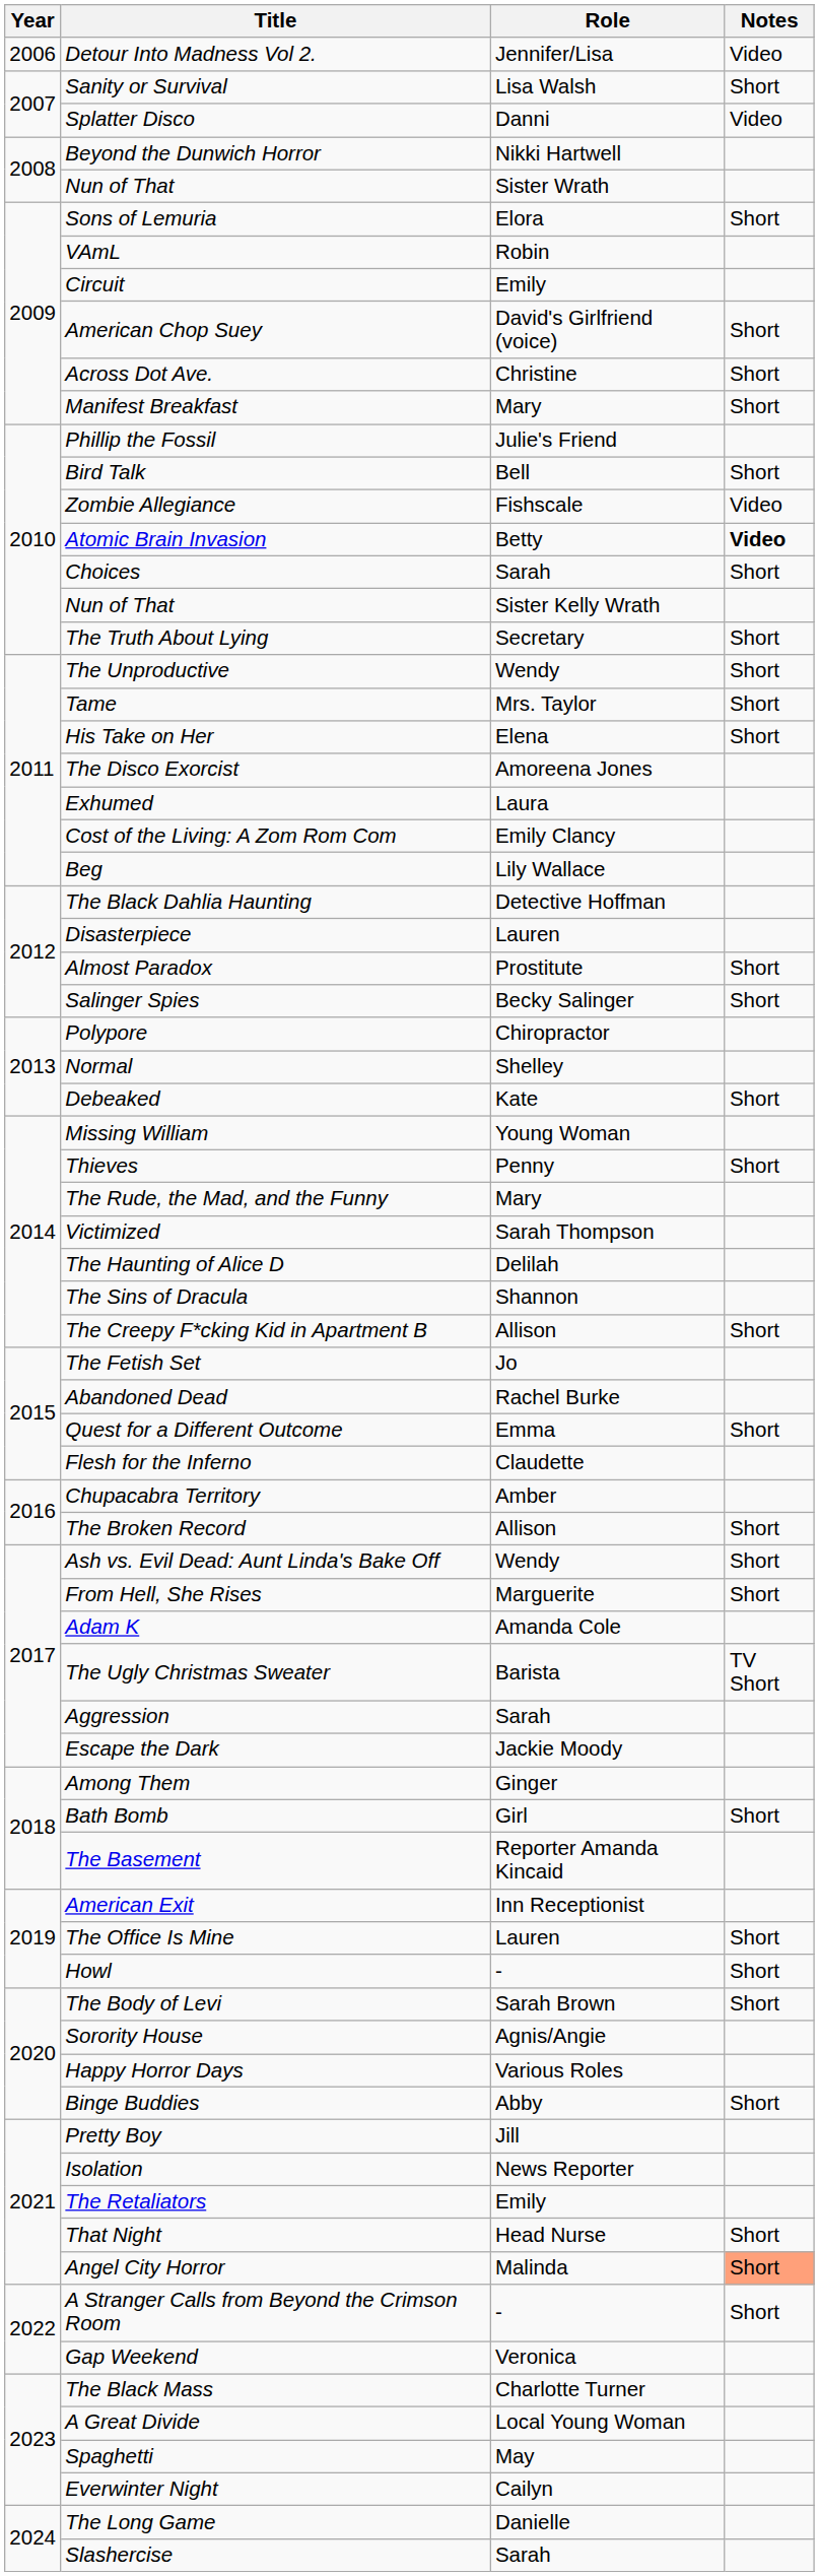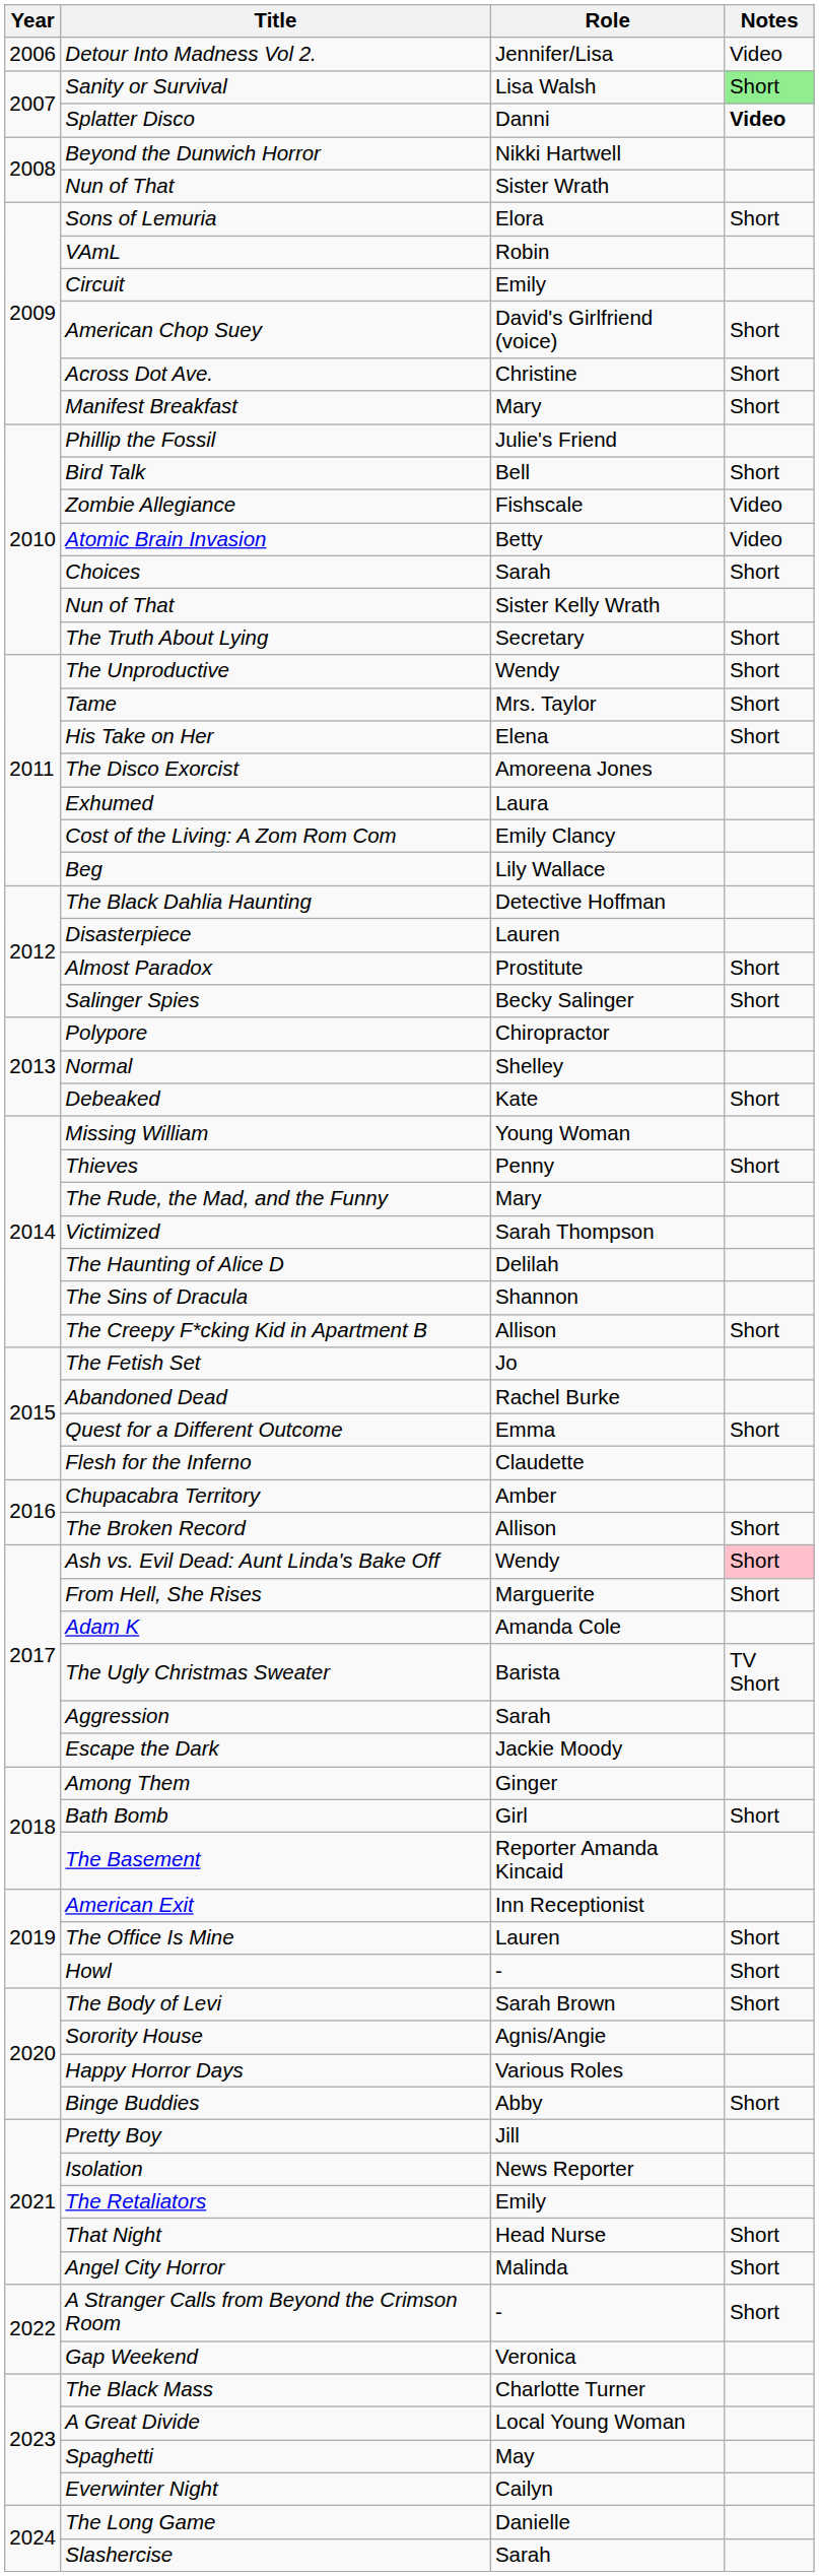 <table class="wikitable plainrowheaders sortable" style="margin-right: 0;">
 <tr>
 <th>Year</th>
 <th>Title</th>
 <th>Role</th>
 <th>Notes</th>
 </tr>
 <tr>
 <td>2006</td>
 <td><em>Detour Into Madness Vol 2.</em></td>
 <td>Jennifer/Lisa</td>
 <td>Video</td>
 </tr>
 <tr>
 <td rowspan="2">2007</td>
 <td><em>Sanity or Survival</em></td>
 <td>Lisa Walsh</td>
-<td>Short</td>
+<td style="background: lightgreen;">Short</td>
 </tr>
 <tr>
 <td><em>Splatter Disco</em></td>
 <td>Danni</td>
-<td>Video</td>
+<td><strong>Video</strong></td>
 </tr>
 <tr>
 <td rowspan="2">2008</td>
 <td><em>Beyond the Dunwich Horror</em></td>
 <td>Nikki Hartwell</td>
 <td></td>
 </tr>
 <tr>
 <td><em>Nun of That</em></td>
 <td>Sister Wrath</td>
 <td></td>
 </tr>
 <tr>
 <td rowspan="6">2009</td>
 <td><em>Sons of Lemuria</em></td>
 <td>Elora</td>
 <td>Short</td>
 </tr>
 <tr>
 <td><em>VAmL</em></td>
 <td>Robin</td>
 <td></td>
 </tr>
 <tr>
 <td><em>Circuit</em></td>
 <td>Emily</td>
 <td></td>
 </tr>
 <tr>
 <td><em>American Chop Suey</em></td>
 <td>David's Girlfriend (voice)</td>
 <td>Short</td>
 </tr>
 <tr>
 <td><em>Across Dot Ave.</em></td>
 <td>Christine</td>
 <td>Short</td>
 </tr>
 <tr>
 <td><em>Manifest Breakfast</em></td>
 <td>Mary</td>
 <td>Short</td>
 </tr>
 <tr>
 <td rowspan="7">2010</td>
 <td><em>Phillip the Fossil</em></td>
 <td>Julie's Friend</td>
 <td></td>
 </tr>
 <tr>
 <td><em>Bird Talk</em></td>
 <td>Bell</td>
 <td>Short</td>
 </tr>
 <tr>
 <td><em>Zombie Allegiance</em></td>
 <td>Fishscale</td>
 <td>Video</td>
 </tr>
 <tr>
 <td><em><a href='#'>Atomic Brain Invasion</a></em></td>
 <td>Betty</td>
-<td><strong>Video</strong></td>
+<td>Video</td>
 </tr>
 <tr>
 <td><em>Choices</em></td>
 <td>Sarah</td>
 <td>Short</td>
 </tr>
 <tr>
 <td><em>Nun of That</em></td>
 <td>Sister Kelly Wrath</td>
 <td></td>
 </tr>
 <tr>
 <td><em>The Truth About Lying</em></td>
 <td>Secretary</td>
 <td>Short</td>
 </tr>
 <tr>
 <td rowspan="7">2011</td>
 <td><em>The Unproductive</em></td>
 <td>Wendy</td>
 <td>Short</td>
 </tr>
 <tr>
 <td><em>Tame</em></td>
 <td>Mrs. Taylor</td>
 <td>Short</td>
 </tr>
 <tr>
 <td><em>His Take on Her</em></td>
 <td>Elena</td>
 <td>Short</td>
 </tr>
 <tr>
 <td><em>The Disco Exorcist</em></td>
 <td>Amoreena Jones</td>
 <td></td>
 </tr>
 <tr>
 <td><em>Exhumed</em></td>
 <td>Laura</td>
 <td></td>
 </tr>
 <tr>
 <td><em>Cost of the Living: A Zom Rom Com</em></td>
 <td>Emily Clancy</td>
 <td></td>
 </tr>
 <tr>
 <td><em>Beg</em></td>
 <td>Lily Wallace</td>
 <td></td>
 </tr>
 <tr>
 <td rowspan="4">2012</td>
 <td><em>The Black Dahlia Haunting</em></td>
 <td>Detective Hoffman</td>
 <td></td>
 </tr>
 <tr>
 <td><em>Disasterpiece</em></td>
 <td>Lauren</td>
 <td></td>
 </tr>
 <tr>
 <td><em>Almost Paradox</em></td>
 <td>Prostitute</td>
 <td>Short</td>
 </tr>
 <tr>
 <td><em>Salinger Spies</em></td>
 <td>Becky Salinger</td>
 <td>Short</td>
 </tr>
 <tr>
 <td rowspan="3">2013</td>
 <td><em>Polypore</em></td>
 <td>Chiropractor</td>
 <td></td>
 </tr>
 <tr>
 <td><em>Normal</em></td>
 <td>Shelley</td>
 <td></td>
 </tr>
 <tr>
 <td><em>Debeaked</em></td>
 <td>Kate</td>
 <td>Short</td>
 </tr>
 <tr>
 <td rowspan="7">2014</td>
 <td><em>Missing William</em></td>
 <td>Young Woman</td>
 <td></td>
 </tr>
 <tr>
 <td><em>Thieves</em></td>
 <td>Penny</td>
 <td>Short</td>
 </tr>
 <tr>
 <td><em>The Rude, the Mad, and the Funny</em></td>
 <td>Mary</td>
 <td></td>
 </tr>
 <tr>
 <td><em>Victimized</em></td>
 <td>Sarah Thompson</td>
 <td></td>
 </tr>
 <tr>
 <td><em>The Haunting of Alice D</em></td>
 <td>Delilah</td>
 <td></td>
 </tr>
 <tr>
 <td><em>The Sins of Dracula</em></td>
 <td>Shannon</td>
 <td></td>
 </tr>
 <tr>
 <td><em>The Creepy F*cking Kid in Apartment B</em></td>
 <td>Allison</td>
 <td>Short</td>
 </tr>
 <tr>
 <td rowspan="4">2015</td>
 <td><em>The Fetish Set</em></td>
 <td>Jo</td>
 <td></td>
 </tr>
 <tr>
 <td><em>Abandoned Dead</em></td>
 <td>Rachel Burke</td>
 <td></td>
 </tr>
 <tr>
 <td><em>Quest for a Different Outcome</em></td>
 <td>Emma</td>
 <td>Short</td>
 </tr>
 <tr>
 <td><em>Flesh for the Inferno</em></td>
 <td>Claudette</td>
 <td></td>
 </tr>
 <tr>
 <td rowspan="2">2016</td>
 <td><em>Chupacabra Territory</em></td>
 <td>Amber</td>
 <td></td>
 </tr>
 <tr>
 <td><em>The Broken Record</em></td>
 <td>Allison</td>
 <td>Short</td>
 </tr>
 <tr>
 <td rowspan="6">2017</td>
 <td><em>Ash vs. Evil Dead: Aunt Linda's Bake Off</em></td>
 <td>Wendy</td>
-<td>Short</td>
+<td style="background: pink;">Short</td>
 </tr>
 <tr>
 <td><em>From Hell, She Rises</em></td>
 <td>Marguerite</td>
 <td>Short</td>
 </tr>
 <tr>
 <td><em><a href='#'>Adam K</a></em></td>
 <td>Amanda Cole</td>
 <td></td>
 </tr>
 <tr>
 <td><em>The Ugly Christmas Sweater</em></td>
 <td>Barista</td>
 <td>TV Short</td>
 </tr>
 <tr>
 <td><em>Aggression</em></td>
 <td>Sarah</td>
 <td></td>
 </tr>
 <tr>
 <td><em>Escape the Dark</em></td>
 <td>Jackie Moody</td>
 <td></td>
 </tr>
 <tr>
 <td rowspan="3">2018</td>
 <td><em>Among Them</em></td>
 <td>Ginger</td>
 <td></td>
 </tr>
 <tr>
 <td><em>Bath Bomb</em></td>
 <td>Girl</td>
 <td>Short</td>
 </tr>
 <tr>
 <td><em><a href='#'>The Basement</a></em></td>
 <td>Reporter Amanda Kincaid</td>
 <td></td>
 </tr>
 <tr>
 <td rowspan="3">2019</td>
 <td><em><a href='#'>American Exit</a></em></td>
 <td>Inn Receptionist</td>
 <td></td>
 </tr>
 <tr>
 <td><em>The Office Is Mine</em></td>
 <td>Lauren</td>
 <td>Short</td>
 </tr>
 <tr>
 <td><em>Howl</em></td>
 <td>-</td>
 <td>Short</td>
 </tr>
 <tr>
 <td rowspan="4">2020</td>
 <td><em>The Body of Levi</em></td>
 <td>Sarah Brown</td>
 <td>Short</td>
 </tr>
 <tr>
 <td><em>Sorority House</em></td>
 <td>Agnis/Angie</td>
 <td></td>
 </tr>
 <tr>
 <td><em>Happy Horror Days</em></td>
 <td>Various Roles</td>
 <td></td>
 </tr>
 <tr>
 <td><em>Binge Buddies</em></td>
 <td>Abby</td>
 <td>Short</td>
 </tr>
 <tr>
 <td rowspan="5">2021</td>
 <td><em>Pretty Boy</em></td>
 <td>Jill</td>
 <td></td>
 </tr>
 <tr>
 <td><em>Isolation</em></td>
 <td>News Reporter</td>
 <td></td>
 </tr>
 <tr>
 <td><em><a href='#'>The Retaliators</a></em></td>
 <td>Emily</td>
 <td></td>
 </tr>
 <tr>
 <td><em>That Night</em></td>
 <td>Head Nurse</td>
 <td>Short</td>
 </tr>
 <tr>
 <td><em>Angel City Horror</em></td>
 <td>Malinda</td>
-<td style="background: lightsalmon;">Short</td>
+<td>Short</td>
 </tr>
 <tr>
 <td rowspan="2">2022</td>
 <td><em>A Stranger Calls from Beyond the Crimson Room</em></td>
 <td>-</td>
 <td>Short</td>
 </tr>
 <tr>
 <td><em>Gap Weekend</em></td>
 <td>Veronica</td>
 <td></td>
 </tr>
 <tr>
 <td rowspan="4">2023</td>
 <td><em>The Black Mass</em></td>
 <td>Charlotte Turner</td>
 <td></td>
 </tr>
 <tr>
 <td><em>A Great Divide</em></td>
 <td>Local Young Woman</td>
 <td></td>
 </tr>
 <tr>
 <td><em>Spaghetti</em></td>
 <td>May</td>
 <td></td>
 </tr>
 <tr>
 <td><em>Everwinter Night</em></td>
 <td>Cailyn</td>
 <td></td>
 </tr>
 <tr>
 <td rowspan="2">2024</td>
 <td><em>The Long Game</em></td>
 <td>Danielle</td>
 <td></td>
 </tr>
 <tr>
 <td><em>Slashercise</em></td>
 <td>Sarah</td>
 <td></td>
 </tr>
 </table>
